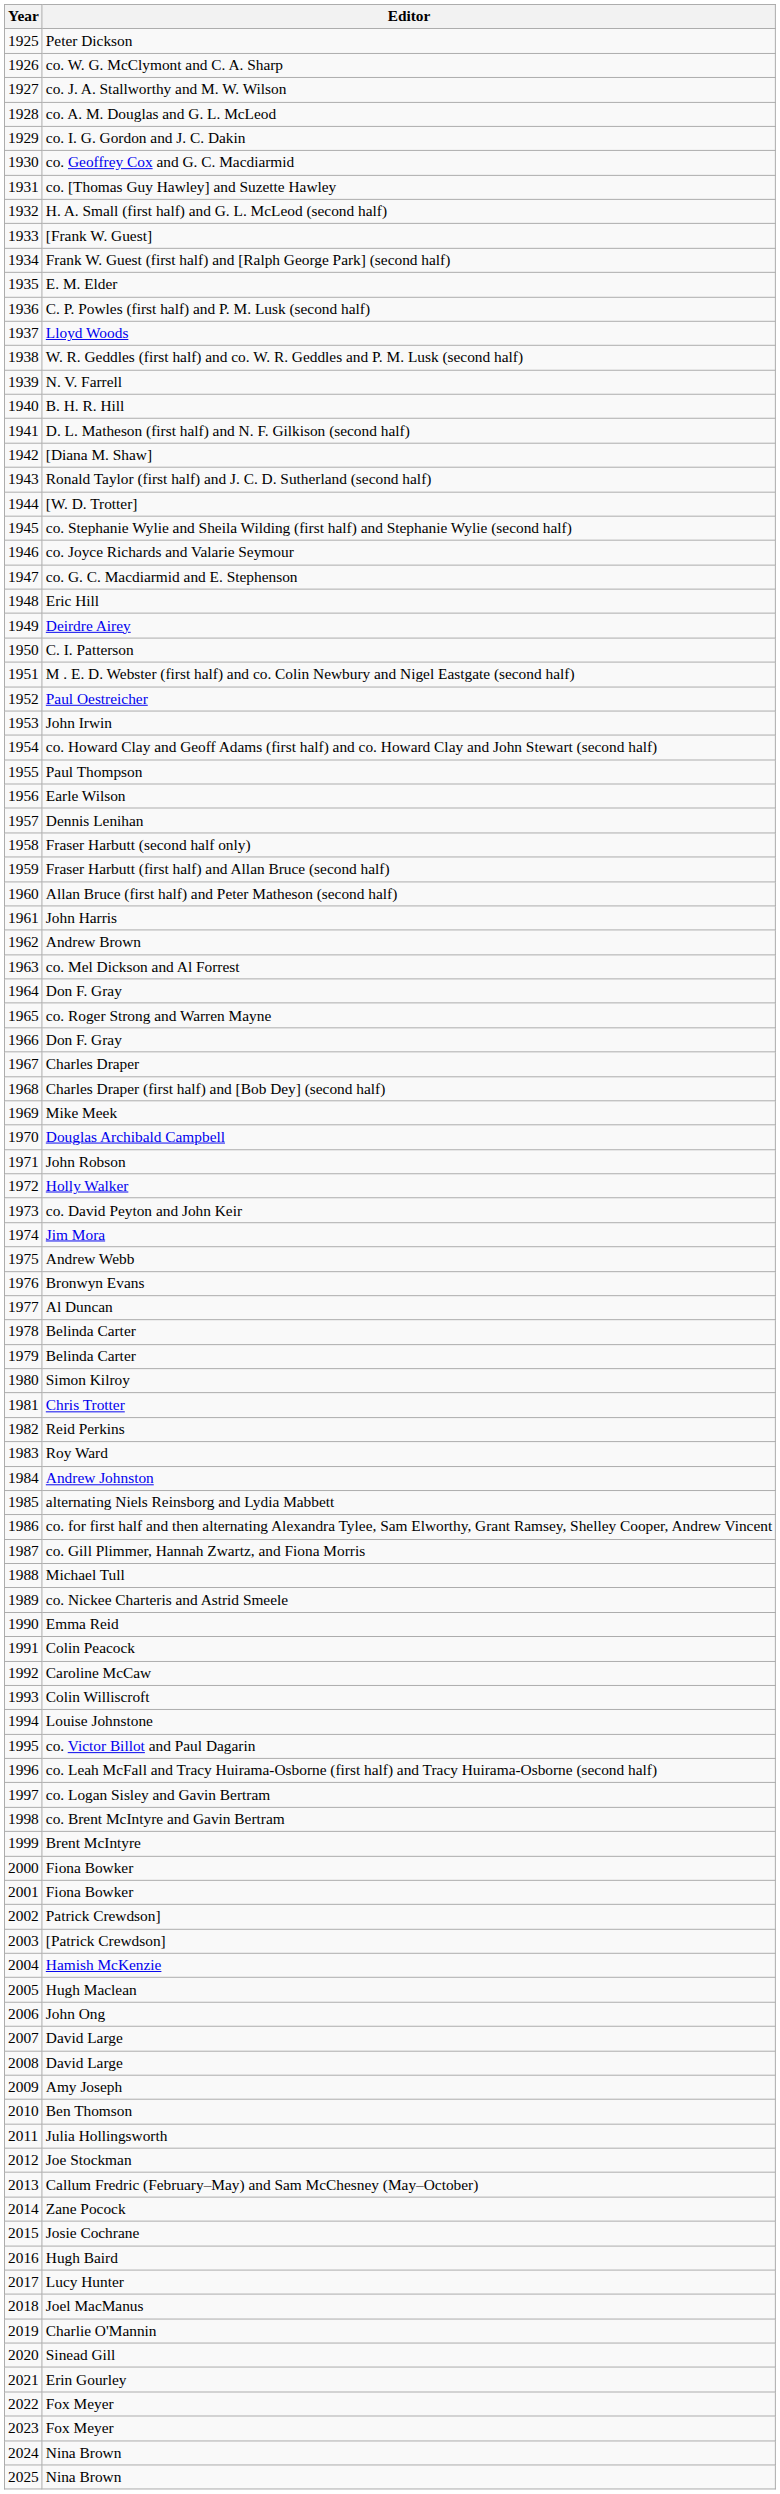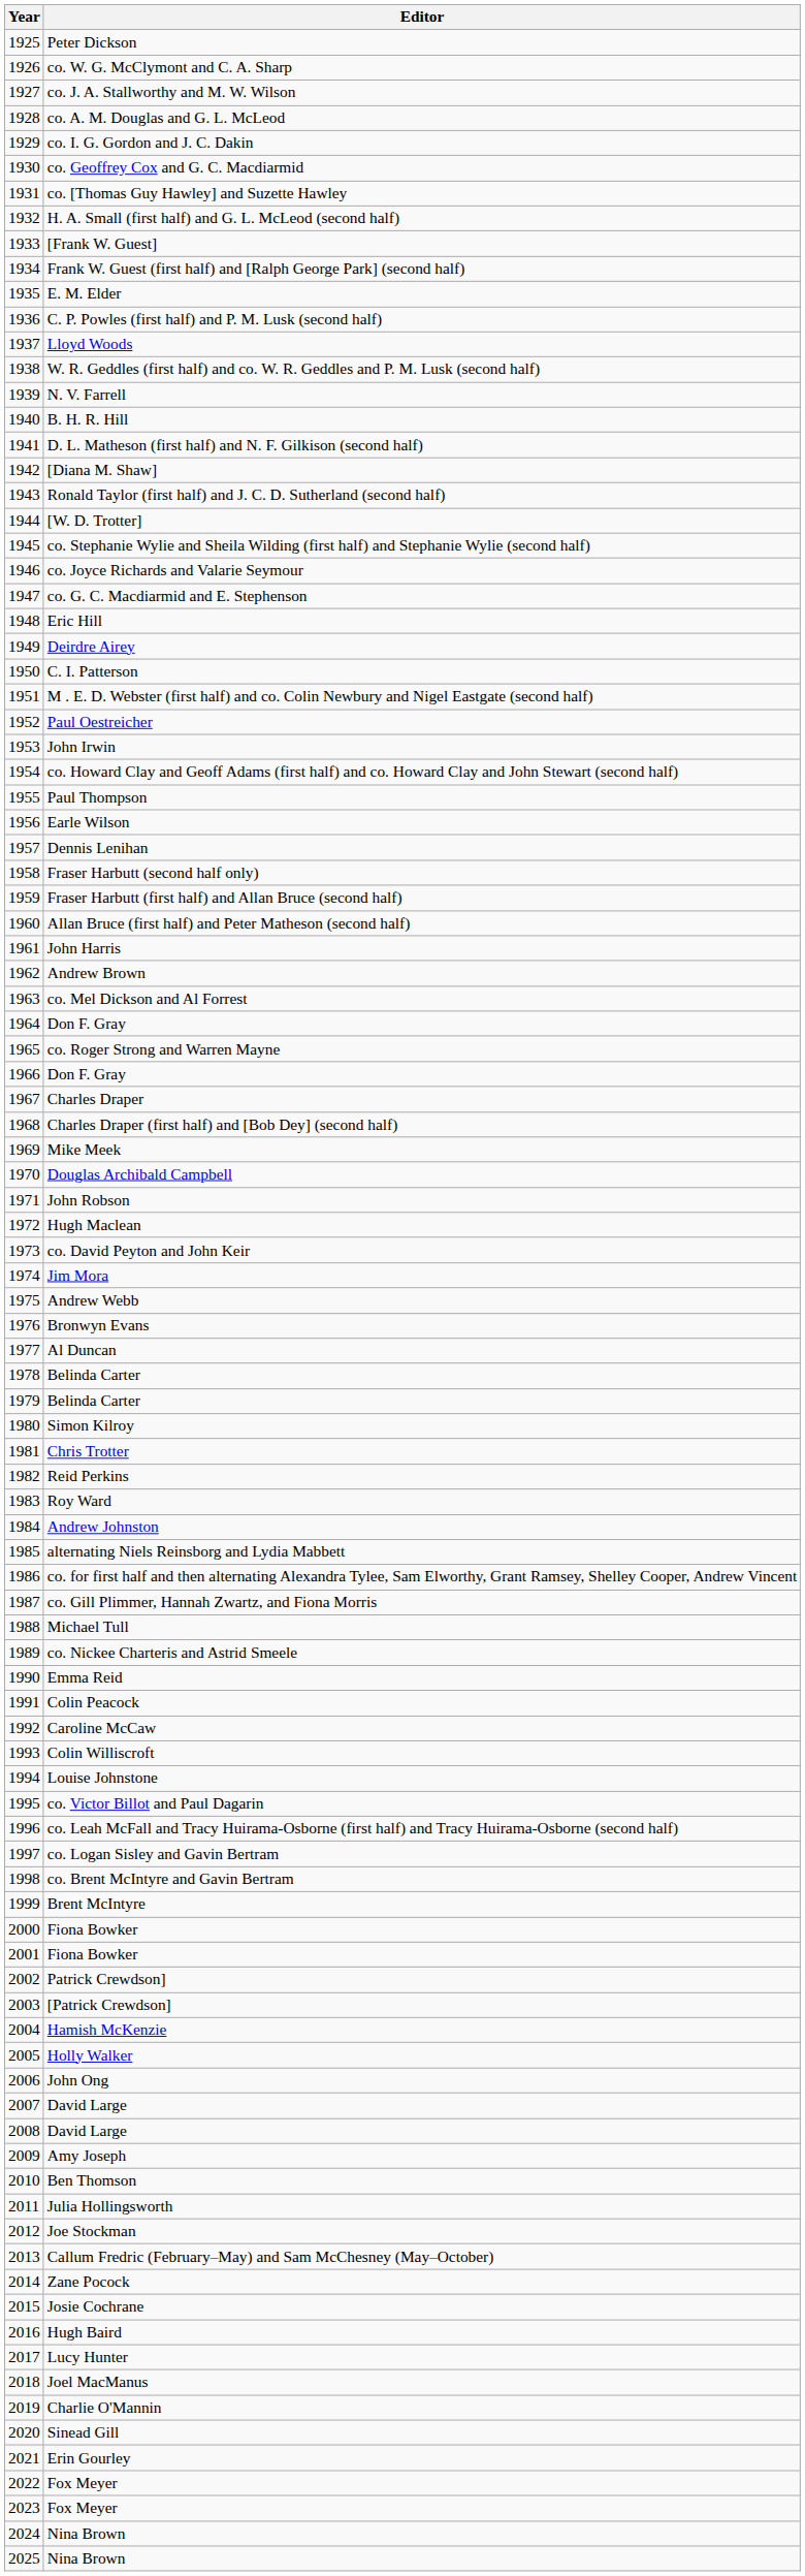 <table class="wikitable">
 <tr>
 <th>Year</th>
 <th>Editor</th>
 </tr>
 <tr>
 <td>1925</td>
 <td>Peter Dickson</td>
 </tr>
 <tr>
 <td>1926</td>
 <td>co. W. G. McClymont and C. A. Sharp</td>
 </tr>
 <tr>
 <td>1927</td>
 <td>co. J. A. Stallworthy and M. W. Wilson</td>
 </tr>
 <tr>
 <td>1928</td>
 <td>co. A. M. Douglas and G. L. McLeod</td>
 </tr>
 <tr>
 <td>1929</td>
 <td>co. I. G. Gordon and J. C. Dakin</td>
 </tr>
 <tr>
 <td>1930</td>
 <td>co. <a href='#'>Geoffrey Cox</a> and G. C. Macdiarmid</td>
 </tr>
 <tr>
 <td>1931</td>
 <td>co. [Thomas Guy Hawley] and Suzette Hawley</td>
 </tr>
 <tr>
 <td>1932</td>
 <td>H. A. Small (first half) and G. L. McLeod (second half)</td>
 </tr>
 <tr>
 <td>1933</td>
 <td>[Frank W. Guest]</td>
 </tr>
 <tr>
 <td>1934</td>
 <td>Frank W. Guest (first half) and [Ralph George Park] (second half)</td>
 </tr>
 <tr>
 <td>1935</td>
 <td>E. M. Elder</td>
 </tr>
 <tr>
 <td>1936</td>
 <td>C. P. Powles (first half) and P. M. Lusk (second half)</td>
 </tr>
 <tr>
 <td>1937</td>
 <td><a href='#'>Lloyd Woods</a></td>
 </tr>
 <tr>
 <td>1938</td>
 <td>W. R. Geddles (first half) and co. W. R. Geddles and P. M. Lusk (second half)</td>
 </tr>
 <tr>
 <td>1939</td>
 <td>N. V. Farrell</td>
 </tr>
 <tr>
 <td>1940</td>
 <td>B. H. R. Hill</td>
 </tr>
 <tr>
 <td>1941</td>
 <td>D. L. Matheson (first half) and N. F. Gilkison (second half)</td>
 </tr>
 <tr>
 <td>1942</td>
 <td>[Diana M. Shaw]</td>
 </tr>
 <tr>
 <td>1943</td>
 <td>Ronald Taylor (first half) and J. C. D. Sutherland (second half)</td>
 </tr>
 <tr>
 <td>1944</td>
 <td>[W. D. Trotter]</td>
 </tr>
 <tr>
 <td>1945</td>
 <td>co. Stephanie Wylie and Sheila Wilding (first half) and Stephanie Wylie (second half)</td>
 </tr>
 <tr>
 <td>1946</td>
 <td>co. Joyce Richards and Valarie Seymour</td>
 </tr>
 <tr>
 <td>1947</td>
 <td>co. G. C. Macdiarmid and E. Stephenson</td>
 </tr>
 <tr>
 <td>1948</td>
 <td>Eric Hill</td>
 </tr>
 <tr>
 <td>1949</td>
 <td><a href='#'>Deirdre Airey</a></td>
 </tr>
 <tr>
 <td>1950</td>
 <td>C. I. Patterson</td>
 </tr>
 <tr>
 <td>1951</td>
 <td>M . E. D. Webster (first half) and co. Colin Newbury and Nigel Eastgate (second half)</td>
 </tr>
 <tr>
 <td>1952</td>
 <td><a href='#'>Paul Oestreicher</a></td>
 </tr>
 <tr>
 <td>1953</td>
 <td>John Irwin</td>
 </tr>
 <tr>
 <td>1954</td>
 <td>co. Howard Clay and Geoff Adams (first half) and co. Howard Clay and John Stewart (second half)</td>
 </tr>
 <tr>
 <td>1955</td>
 <td>Paul Thompson</td>
 </tr>
 <tr>
 <td>1956</td>
 <td>Earle Wilson</td>
 </tr>
 <tr>
 <td>1957</td>
 <td>Dennis Lenihan</td>
 </tr>
 <tr>
 <td>1958</td>
 <td>Fraser Harbutt (second half only)</td>
 </tr>
 <tr>
 <td>1959</td>
 <td>Fraser Harbutt (first half) and Allan Bruce (second half)</td>
 </tr>
 <tr>
 <td>1960</td>
 <td>Allan Bruce (first half) and Peter Matheson (second half)</td>
 </tr>
 <tr>
 <td>1961</td>
 <td>John Harris</td>
 </tr>
 <tr>
 <td>1962</td>
 <td>Andrew Brown</td>
 </tr>
 <tr>
 <td>1963</td>
 <td>co. Mel Dickson and Al Forrest</td>
 </tr>
 <tr>
 <td>1964</td>
 <td>Don F. Gray</td>
 </tr>
 <tr>
 <td>1965</td>
 <td>co. Roger Strong and Warren Mayne</td>
 </tr>
 <tr>
 <td>1966</td>
 <td>Don F. Gray</td>
 </tr>
 <tr>
 <td>1967</td>
 <td>Charles Draper</td>
 </tr>
 <tr>
 <td>1968</td>
 <td>Charles Draper (first half) and [Bob Dey] (second half)</td>
 </tr>
 <tr>
 <td>1969</td>
 <td>Mike Meek</td>
 </tr>
 <tr>
 <td>1970</td>
 <td><a href='#'>Douglas Archibald Campbell</a></td>
 </tr>
 <tr>
 <td>1971</td>
 <td>John Robson</td>
 </tr>
 <tr>
 <td>1972</td>
-<td><a href='#'>Holly Walker</a></td>
+<td>Hugh Maclean</td>
 </tr>
 <tr>
 <td>1973</td>
 <td>co. David Peyton and John Keir</td>
 </tr>
 <tr>
 <td>1974</td>
 <td><a href='#'>Jim Mora</a></td>
 </tr>
 <tr>
 <td>1975</td>
 <td>Andrew Webb</td>
 </tr>
 <tr>
 <td>1976</td>
 <td>Bronwyn Evans</td>
 </tr>
 <tr>
 <td>1977</td>
 <td>Al Duncan</td>
 </tr>
 <tr>
 <td>1978</td>
 <td>Belinda Carter</td>
 </tr>
 <tr>
 <td>1979</td>
 <td>Belinda Carter</td>
 </tr>
 <tr>
 <td>1980</td>
 <td>Simon Kilroy</td>
 </tr>
 <tr>
 <td>1981</td>
 <td><a href='#'>Chris Trotter</a></td>
 </tr>
 <tr>
 <td>1982</td>
 <td>Reid Perkins</td>
 </tr>
 <tr>
 <td>1983</td>
 <td>Roy Ward</td>
 </tr>
 <tr>
 <td>1984</td>
 <td><a href='#'>Andrew Johnston</a></td>
 </tr>
 <tr>
 <td>1985</td>
 <td>alternating Niels Reinsborg and Lydia Mabbett</td>
 </tr>
 <tr>
 <td>1986</td>
 <td>co. for first half and then alternating Alexandra Tylee, Sam Elworthy, Grant Ramsey, Shelley Cooper, Andrew Vincent</td>
 </tr>
 <tr>
 <td>1987</td>
 <td>co. Gill Plimmer, Hannah Zwartz, and Fiona Morris</td>
 </tr>
 <tr>
 <td>1988</td>
 <td>Michael Tull</td>
 </tr>
 <tr>
 <td>1989</td>
 <td>co. Nickee Charteris and Astrid Smeele</td>
 </tr>
 <tr>
 <td>1990</td>
 <td>Emma Reid</td>
 </tr>
 <tr>
 <td>1991</td>
 <td>Colin Peacock</td>
 </tr>
 <tr>
 <td>1992</td>
 <td>Caroline McCaw</td>
 </tr>
 <tr>
 <td>1993</td>
 <td>Colin Williscroft</td>
 </tr>
 <tr>
 <td>1994</td>
 <td>Louise Johnstone</td>
 </tr>
 <tr>
 <td>1995</td>
 <td>co. <a href='#'>Victor Billot</a> and Paul Dagarin</td>
 </tr>
 <tr>
 <td>1996</td>
 <td>co. Leah McFall and Tracy Huirama-Osborne (first half) and Tracy Huirama-Osborne (second half)</td>
 </tr>
 <tr>
 <td>1997</td>
 <td>co. Logan Sisley and Gavin Bertram</td>
 </tr>
 <tr>
 <td>1998</td>
 <td>co. Brent McIntyre and Gavin Bertram</td>
 </tr>
 <tr>
 <td>1999</td>
 <td>Brent McIntyre</td>
 </tr>
 <tr>
 <td>2000</td>
 <td>Fiona Bowker</td>
 </tr>
 <tr>
 <td>2001</td>
 <td>Fiona Bowker</td>
 </tr>
 <tr>
 <td>2002</td>
 <td>Patrick Crewdson]</td>
 </tr>
 <tr>
 <td>2003</td>
 <td>[Patrick Crewdson]</td>
 </tr>
 <tr>
 <td>2004</td>
 <td><a href='#'>Hamish McKenzie</a></td>
 </tr>
 <tr>
 <td>2005</td>
-<td>Hugh Maclean</td>
+<td><a href='#'>Holly Walker</a></td>
 </tr>
 <tr>
 <td>2006</td>
 <td>John Ong</td>
 </tr>
 <tr>
 <td>2007</td>
 <td>David Large</td>
 </tr>
 <tr>
 <td>2008</td>
 <td>David Large</td>
 </tr>
 <tr>
 <td>2009</td>
 <td>Amy Joseph</td>
 </tr>
 <tr>
 <td>2010</td>
 <td>Ben Thomson</td>
 </tr>
 <tr>
 <td>2011</td>
 <td>Julia Hollingsworth</td>
 </tr>
 <tr>
 <td>2012</td>
 <td>Joe Stockman</td>
 </tr>
 <tr>
 <td>2013</td>
 <td>Callum Fredric (February–May) and Sam McChesney (May–October)</td>
 </tr>
 <tr>
 <td>2014</td>
 <td>Zane Pocock</td>
 </tr>
 <tr>
 <td>2015</td>
 <td>Josie Cochrane</td>
 </tr>
 <tr>
 <td>2016</td>
 <td>Hugh Baird</td>
 </tr>
 <tr>
 <td>2017</td>
 <td>Lucy Hunter</td>
 </tr>
 <tr>
 <td>2018</td>
 <td>Joel MacManus</td>
 </tr>
 <tr>
 <td>2019</td>
 <td>Charlie O'Mannin</td>
 </tr>
 <tr>
 <td>2020</td>
 <td>Sinead Gill</td>
 </tr>
 <tr>
 <td>2021</td>
 <td>Erin Gourley</td>
 </tr>
 <tr>
 <td>2022</td>
 <td>Fox Meyer</td>
 </tr>
 <tr>
 <td>2023</td>
 <td>Fox Meyer</td>
 </tr>
 <tr>
 <td>2024</td>
 <td>Nina Brown</td>
 </tr>
 <tr>
 <td>2025</td>
 <td>Nina Brown</td>
 </tr>
 </table>
